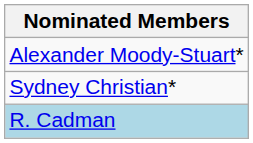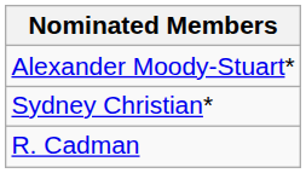 <table class="wikitable">
 <tr>
 <th><strong>Nominated Members</strong></th>
 </tr>
 <tr>
 <td><a href='#'>Alexander Moody-Stuart</a>*</td>
 </tr>
 <tr>
 <td><a href='#'>Sydney Christian</a>*</td>
 </tr>
 <tr>
-<td style="background: lightblue;"><a href='#'>R. Cadman</a></td>
+<td><a href='#'>R. Cadman</a></td>
 </tr>
 </table>
